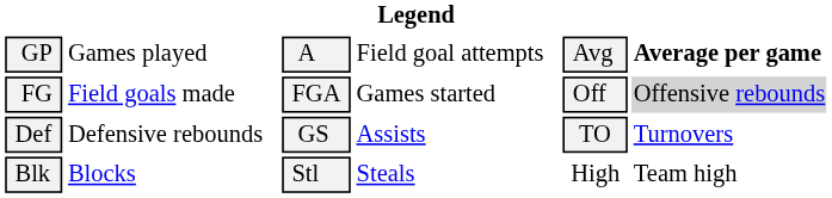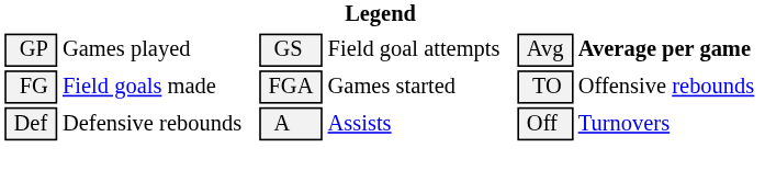 <table class="toccolours" style="font-size: 80%; white-space: nowrap;">
 <tr>
 <th colspan="6">Legend</th>
 </tr>
 <tr>
 <td style="background-color: #F2F2F2; border: 1px solid black;">  GP </td>
 <td>Games played</td>
-<td style="background-color: #F2F2F2; border: 1px solid black">  A </td>
+<td style="background-color: #F2F2F2; border: 1px solid black">  GS </td>
 <td style="padding-right: 8px">Field goal attempts</td>
 <td style="background-color: #F2F2F2; border: 1px solid black"> Avg </td>
 <td><strong>Average per game</strong></td>
 </tr>
 <tr>
 <td style="background-color: #F2F2F2; border: 1px solid black">  FG </td>
 <td style="padding-right: 8px"><a href='#'>Field goals</a> made</td>
 <td style="background-color: #F2F2F2; border: 1px solid black"> FGA </td>
 <td>Games started</td>
-<td style="background-color: #F2F2F2; border: 1px solid black;"> Off </td>
-<td style="background: lightgrey;">Offensive <a href='#'>rebounds</a></td>
+<td style="background-color: #F2F2F2; border: 1px solid black">  TO</td>
+<td>Offensive <a href='#'>rebounds</a></td>
 </tr>
 <tr>
 <td style="background-color: #F2F2F2; border: 1px solid black;"> Def </td>
 <td style="padding-right: 8px">Defensive rebounds</td>
-<td style="background-color: #F2F2F2; border: 1px solid black">  GS </td>
+<td style="background-color: #F2F2F2; border: 1px solid black">  A </td>
 <td style="padding-right: 8px"><a href='#'>Assists</a></td>
-<td style="background-color: #F2F2F2; border: 1px solid black">  TO</td>
+<td style="background-color: #F2F2F2; border: 1px solid black;"> Off </td>
 <td><a href='#'>Turnovers</a></td>
-</tr>
-<tr>
-<td style="background-color: #F2F2F2; border: 1px solid black;"> Blk </td>
-<td><a href='#'>Blocks</a></td>
-<td style="background-color: #F2F2F2; border: 1px solid black"> Stl </td>
-<td><a href='#'>Steals</a></td>
-<td> High </td>
-<td>Team high</td>
 </tr>
 <tr>
 </tr>
 </table>
